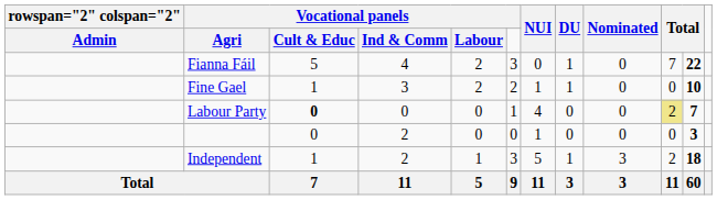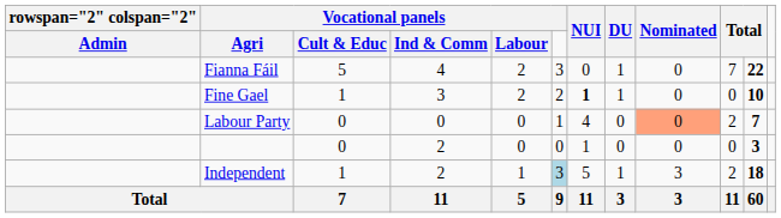 <table class="wikitable">
 <tr>
 <th>rowspan="2" colspan="2" </th>
 <th scope="col" colspan="5"><a href='#'>Vocational panels</a></th>
 <th rowspan="2"><a href='#'>NUI</a></th>
 <th rowspan="2"><a href='#'>DU</a></th>
 <th rowspan="2"><a href='#'>Nominated</a></th>
 <th rowspan="2" colspan="2">Total</th>
 </tr>
 <tr>
 <th scope="col"><a href='#'>Admin</a></th>
 <th scope="col"><a href='#'>Agri</a></th>
 <th scope="col"><a href='#'>Cult & Educ</a></th>
 <th scope="col"><a href='#'>Ind & Comm</a></th>
 <th scope="col"><a href='#'>Labour</a></th>
 </tr>
 <tr style="text-align:center">
 <td style="background-color: "></td>
 <td align="left"><a href='#'>Fianna Fáil</a></td>
 <td>5</td>
 <td>4</td>
 <td>2</td>
 <td>3</td>
 <td>0</td>
 <td>1</td>
 <td>0</td>
 <td>7</td>
 <td><strong>22</strong></td>
 <td style="background-color: "></td>
 </tr>
 <tr style="text-align:center">
 <td style="background-color: "></td>
 <td align="left"><a href='#'>Fine Gael</a></td>
 <td>1</td>
 <td>3</td>
 <td>2</td>
 <td>2</td>
-<td>1</td>
+<td><strong>1</strong></td>
 <td>1</td>
 <td>0</td>
 <td>0</td>
 <td><strong>10</strong></td>
 <td style="background-color: "></td>
 </tr>
 <tr style="text-align:center">
 <td style="background-color: "></td>
 <td align="left"><a href='#'>Labour Party</a></td>
-<td><strong>0</strong></td>
+<td>0</td>
 <td>0</td>
 <td>0</td>
 <td>1</td>
 <td>4</td>
 <td>0</td>
-<td>0</td>
-<td style="background: khaki;">2</td>
+<td style="background: lightsalmon;">0</td>
+<td>2</td>
 <td><strong>7</strong></td>
 <td style="background-color: "></td>
 </tr>
 <tr style="text-align:center">
 <td style="background-color: "></td>
 <td align="left"></td>
 <td>0</td>
 <td>2</td>
 <td>0</td>
 <td>0</td>
 <td>1</td>
 <td>0</td>
 <td>0</td>
 <td>0</td>
 <td><strong>3</strong></td>
 <td style="background-color: "></td>
 </tr>
 <tr style="text-align:center">
 <td style="background-color: "></td>
 <td align="left"><a href='#'>Independent</a></td>
 <td>1</td>
 <td>2</td>
 <td>1</td>
-<td>3</td>
+<td style="background: lightblue;">3</td>
 <td>5</td>
 <td>1</td>
 <td>3</td>
 <td>2</td>
 <td><strong>18</strong></td>
 <td style="background-color: "></td>
 </tr>
 <tr style="text-align:center">
 <th colspan="2">Total</th>
 <th>7</th>
 <th>11</th>
 <th>5</th>
 <th>9</th>
 <th>11</th>
 <th>3</th>
 <th>3</th>
 <th>11</th>
 <th>60</th>
 <th></th>
 </tr>
 </table>
